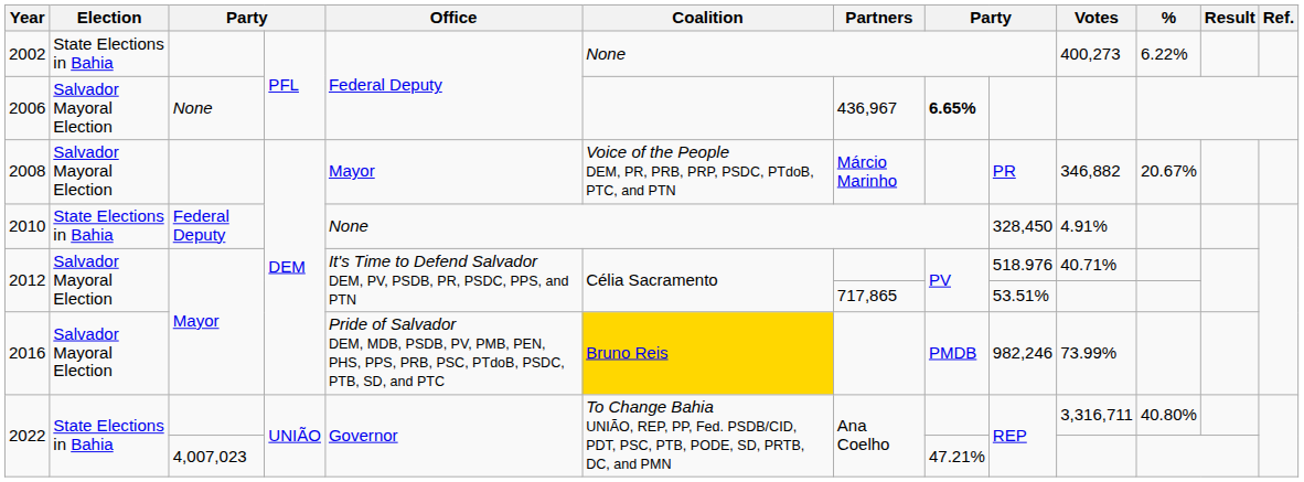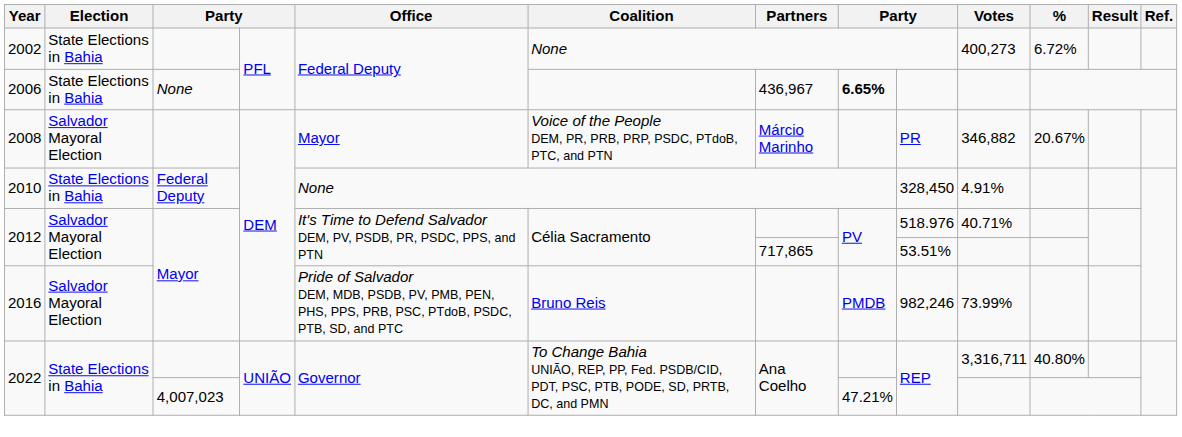 <table class="wikitable">
 <tr>
 <th>Year</th>
 <th>Election</th>
 <th colspan="2">Party</th>
 <th>Office</th>
 <th>Coalition</th>
 <th>Partners</th>
 <th colspan="2">Party</th>
 <th>Votes</th>
 <th>%</th>
 <th>Result</th>
 <th>Ref.</th>
 </tr>
 <tr>
 <td>2002</td>
 <td>State Elections in <a href='#'>Bahia</a></td>
 <td style="background-color:"></td>
 <td rowspan="2"><a href='#'>PFL</a></td>
 <td rowspan="2"><a href='#'>Federal Deputy</a></td>
 <td colspan="4"><em>None</em></td>
 <td>400,273</td>
-<td>6.22%</td>
+<td>6.72%</td>
 <td></td>
 <td></td>
 </tr>
 <tr>
 <td>2006</td>
-<td><a href='#'>Salvador</a> Mayoral Election</td>
+<td>State Elections in <a href='#'>Bahia</a></td>
 <td colspan="4"><em>None</em></td>
 <td>436,967</td>
 <td><strong>6.65%</strong></td>
 <td></td>
 <td></td>
 </tr>
 <tr>
 <td>2008</td>
 <td><a href='#'>Salvador</a> Mayoral Election</td>
 <td style="background-color:"></td>
 <td rowspan="5"><a href='#'>DEM</a></td>
 <td><a href='#'>Mayor</a></td>
 <td><em>Voice of the People</em><br><small>DEM, PR, PRB, PRP, PSDC, PTdoB, PTC, and PTN</small></td>
 <td><a href='#'>Márcio Marinho</a></td>
 <td style="background-color:"></td>
 <td><a href='#'>PR</a></td>
 <td>346,882</td>
 <td>20.67%</td>
 <td></td>
 <td></td>
 </tr>
 <tr>
 <td>2010</td>
 <td><a href='#'>State Elections</a> in <a href='#'>Bahia</a></td>
 <td><a href='#'>Federal Deputy</a></td>
 <td colspan="4"><em>None</em></td>
 <td>328,450</td>
 <td>4.91%</td>
 <td></td>
 <td></td>
 </tr>
 <tr>
 <td rowspan="2">2012</td>
 <td rowspan="2"><a href='#'>Salvador</a> Mayoral Election</td>
 <td rowspan="3"><a href='#'>Mayor</a></td>
 <td rowspan="2"><em>It's Time to Defend Salvador</em><br><small>DEM, PV, PSDB, PR, PSDC, PPS, and PTN</small></td>
 <td rowspan="2">Célia Sacramento</td>
 <td style="background-color:"></td>
 <td rowspan="2"><a href='#'>PV</a></td>
 <td>518.976</td>
 <td>40.71%</td>
 <td></td>
 <td rowspan="2"></td>
 </tr>
 <tr>
 <td>717,865</td>
 <td>53.51%</td>
 <td></td>
 </tr>
 <tr>
 <td>2016</td>
 <td><a href='#'>Salvador</a> Mayoral Election</td>
 <td><em>Pride of Salvador</em><br><small>DEM, MDB, PSDB, PV, PMB, PEN, PHS, PPS, PRB, PSC, PTdoB, PSDC, PTB, SD, and PTC</small></td>
-<td style="background: gold;"><a href='#'>Bruno Reis</a></td>
+<td><a href='#'>Bruno Reis</a></td>
 <td style="background-color:"></td>
 <td><a href='#'>PMDB</a></td>
 <td>982,246</td>
 <td>73.99%</td>
 <td></td>
 <td></td>
 </tr>
 <tr>
 <td rowspan="2">2022</td>
 <td rowspan="2"><a href='#'>State Elections</a> in <a href='#'>Bahia</a></td>
 <td style="background-color:"></td>
 <td rowspan="2"><a href='#'>UNIÃO</a></td>
 <td rowspan="2"><a href='#'>Governor</a></td>
 <td rowspan="2"><em>To Change Bahia</em><br><small>UNIÃO, REP, PP, Fed. PSDB/CID, PDT, PSC, PTB, PODE, SD, PRTB, DC, and PMN</small></td>
 <td rowspan="2">Ana Coelho</td>
 <td style="background-color:"></td>
 <td rowspan="2"><a href='#'>REP</a></td>
 <td>3,316,711</td>
 <td>40.80%</td>
 <td></td>
 <td rowspan="2"></td>
 </tr>
 <tr>
 <td>4,007,023</td>
 <td>47.21%</td>
 <td></td>
 </tr>
 </table>
